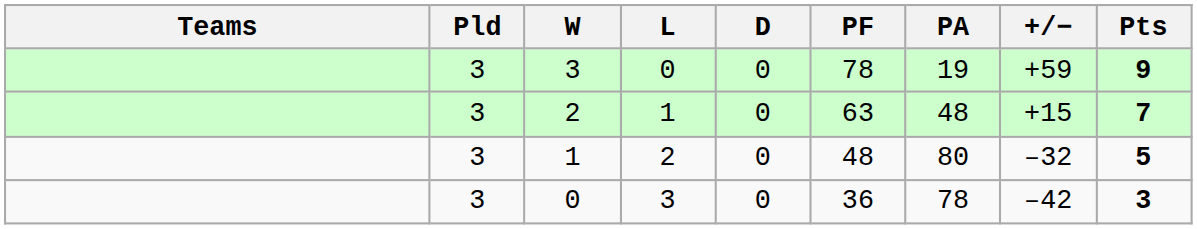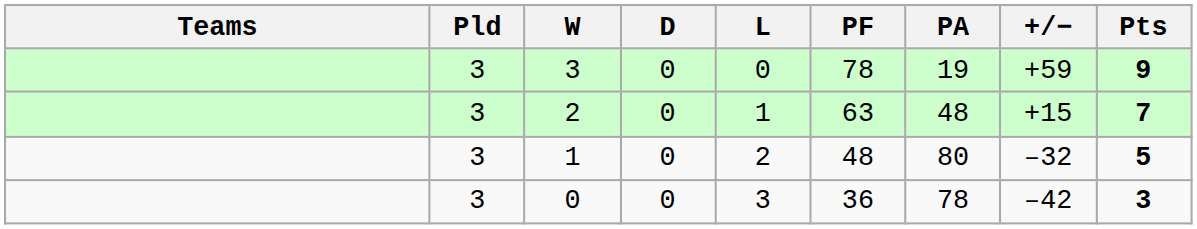 <table class="wikitable" style="text-align: center;">
 <tr>
 <th width="200">Teams</th>
 <th width="40">Pld</th>
 <th width="40">W</th>
+<th width="40">D</th>
 <th width="40">L</th>
-<th width="40">D</th>
 <th width="40">PF</th>
 <th width="40">PA</th>
 <th width="40">+/−</th>
 <th width="40">Pts</th>
 </tr>
 <tr style="background:#cfc; width:20px;">
 <td align=left></td>
 <td>3</td>
 <td>3</td>
 <td>0</td>
 <td>0</td>
 <td>78</td>
 <td>19</td>
 <td>+59</td>
 <td><strong>9</strong></td>
 </tr>
 <tr style="background:#cfc; width:20px;">
 <td align=left></td>
 <td>3</td>
 <td>2</td>
+<td>0</td>
 <td>1</td>
-<td>0</td>
 <td>63</td>
 <td>48</td>
 <td>+15</td>
 <td><strong>7</strong></td>
 </tr>
 <tr>
 <td align=left></td>
 <td>3</td>
 <td>1</td>
+<td>0</td>
 <td>2</td>
-<td>0</td>
 <td>48</td>
 <td>80</td>
 <td>–32</td>
 <td><strong>5</strong></td>
 </tr>
 <tr>
 <td align=left></td>
 <td>3</td>
 <td>0</td>
+<td>0</td>
 <td>3</td>
-<td>0</td>
 <td>36</td>
 <td>78</td>
 <td>–42</td>
 <td><strong>3</strong></td>
 </tr>
 </table>
